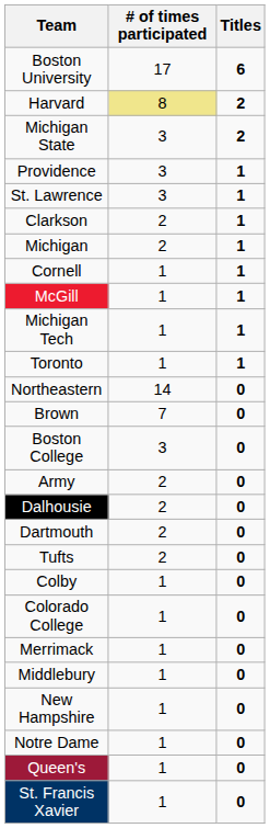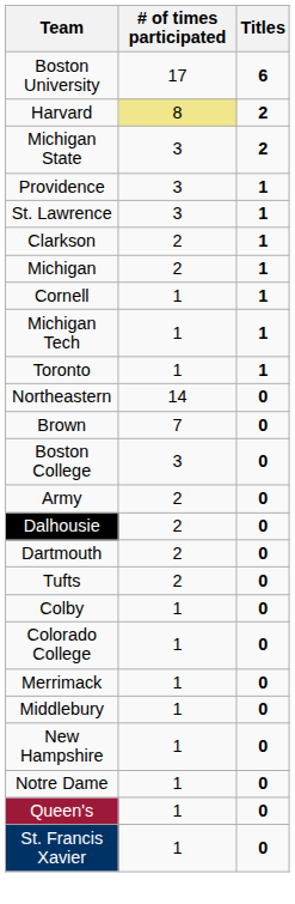 <table class="wikitable sortable" style="text-align:center" cellpadding=2 cellspacing=2 width=30%>
 <tr>
 <th>Team</th>
 <th># of times participated</th>
 <th><strong>Titles</strong></th>
 </tr>
 <tr>
 <td>Boston University</td>
 <td>17</td>
 <td><strong>6</strong></td>
 </tr>
 <tr>
 <td>Harvard</td>
 <td style="background: khaki;">8</td>
 <td><strong>2</strong></td>
 </tr>
 <tr>
 <td>Michigan State</td>
 <td>3</td>
 <td><strong>2</strong></td>
 </tr>
 <tr>
 <td>Providence</td>
 <td>3</td>
 <td><strong>1</strong></td>
 </tr>
 <tr>
 <td>St. Lawrence</td>
 <td>3</td>
 <td><strong>1</strong></td>
 </tr>
 <tr>
 <td>Clarkson</td>
 <td>2</td>
 <td><strong>1</strong></td>
 </tr>
 <tr>
 <td>Michigan</td>
 <td>2</td>
 <td><strong>1</strong></td>
 </tr>
 <tr>
 <td>Cornell</td>
-<td>1</td>
-<td><strong>1</strong></td>
-</tr>
-<tr>
-<td style="color:white; background:#ed1b2f; ">McGill</td>
 <td>1</td>
 <td><strong>1</strong></td>
 </tr>
 <tr>
 <td>Michigan Tech</td>
 <td>1</td>
 <td><strong>1</strong></td>
 </tr>
 <tr>
 <td>Toronto</td>
 <td>1</td>
 <td><strong>1</strong></td>
 </tr>
 <tr>
 <td>Northeastern</td>
 <td>14</td>
 <td><strong>0</strong></td>
 </tr>
 <tr>
 <td>Brown</td>
 <td>7</td>
 <td><strong>0</strong></td>
 </tr>
 <tr>
 <td>Boston College</td>
 <td>3</td>
 <td><strong>0</strong></td>
 </tr>
 <tr>
 <td>Army</td>
 <td>2</td>
 <td><strong>0</strong></td>
 </tr>
 <tr>
 <td style="color:white; background:#000000; ">Dalhousie</td>
 <td>2</td>
 <td><strong>0</strong></td>
 </tr>
 <tr>
 <td>Dartmouth</td>
 <td>2</td>
 <td><strong>0</strong></td>
 </tr>
 <tr>
 <td>Tufts</td>
 <td>2</td>
 <td><strong>0</strong></td>
 </tr>
 <tr>
 <td>Colby</td>
 <td>1</td>
 <td><strong>0</strong></td>
 </tr>
 <tr>
 <td>Colorado College</td>
 <td>1</td>
 <td><strong>0</strong></td>
 </tr>
 <tr>
 <td>Merrimack</td>
 <td>1</td>
 <td><strong>0</strong></td>
 </tr>
 <tr>
 <td>Middlebury</td>
 <td>1</td>
 <td><strong>0</strong></td>
 </tr>
 <tr>
 <td>New Hampshire</td>
 <td>1</td>
 <td><strong>0</strong></td>
 </tr>
 <tr>
 <td>Notre Dame</td>
 <td>1</td>
 <td><strong>0</strong></td>
 </tr>
 <tr>
 <td style="color:white; background:#9d1939; ">Queen's</td>
 <td>1</td>
 <td><strong>0</strong></td>
 </tr>
 <tr>
 <td style="color:white; background:#003365">St. Francis Xavier</td>
 <td>1</td>
 <td><strong>0</strong></td>
 </tr>
 </table>
